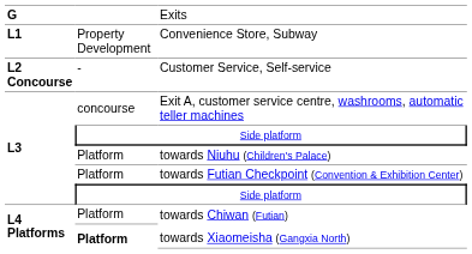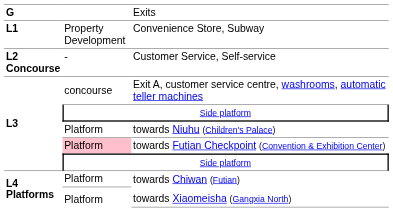 <table table border=0 cellspacing=0 cellpadding=3>
 <tr>
 <td style="border-top:solid 1px gray;" width=50 valign=top><strong>G</strong></td>
 <td style="border-top:solid 1px gray;" width=100 valign=top></td>
 <td style="border-top:solid 1px gray;" width=390 valign=top>Exits</td>
 </tr>
 <tr>
 <td style="border-bottom:solid 1px gray; border-top:solid 1px gray;" valign=top width=50><strong>L1</strong></td>
 <td style="border-bottom:solid 1px gray; border-top:solid 1px gray;" valign=top width=100>Property Development</td>
 <td style="border-bottom:solid 1px gray; border-top:solid 1px gray;" valign=top width=390>Convenience Store, Subway</td>
 </tr>
 <tr>
 <td style="border-bottom:solid 1px gray;" width=50 valign=top><strong>L2<br>Concourse</strong></td>
 <td style="border-bottom:solid 1px gray;" width=100 valign=top>-</td>
 <td style="border-bottom:solid 1px gray;" width=390 valign=top>Customer Service, Self-service</td>
 </tr>
 <tr>
 <td rowspan="6" style="border-bottom:solid 1px gray;"><strong>L3</strong></td>
 </tr>
 <tr>
 <td style="border-bottom:solid 1px gray;">concourse</td>
 <td style="border-bottom:solid 1px gray;">Exit A, customer service centre, <a href='#'>washrooms</a>, <a href='#'>automatic teller machines</a></td>
 </tr>
 <tr>
 <td style="border-right:solid 2px black;border-left:solid 2px black;border-bottom:solid 2px black;text-align:center;" colspan=2><small><a href='#'>Side platform</a></small></td>
 </tr>
 <tr>
 <td style="border-bottom:solid 1px gray;">Platform </td>
 <td style="border-bottom:solid 1px gray;">  towards <a href='#'>Niuhu</a> <small>(<a href='#'>Children's Palace</a>)</small></td>
 </tr>
 <tr>
-<td>Platform </td>
+<td style="background: pink;">Platform </td>
 <td>  towards <a href='#'>Futian Checkpoint</a> <small>(<a href='#'>Convention & Exhibition Center</a>)</small></td>
 </tr>
 <tr>
 <td style="border-top:solid 2px black;border-right:solid 2px black;border-left:solid 2px black;border-bottom:solid 1px gray;text-align:center;" colspan=2><small><a href='#'>Side platform</a></small></td>
 </tr>
 <tr>
 <td rowspan="3"><strong>L4<br>Platforms</strong></td>
 <td valign="top" style="border-bottom:solid 1px gray;">Platform</td>
 <td>  towards <a href='#'>Chiwan</a> <small>(<a href='#'>Futian</a>)</small></td>
 </tr>
 <tr>
 <td colspan="2"></td>
 </tr>
 <tr>
-<td><strong>Platform</strong></td>
+<td>Platform</td>
 <td style="border-bottom:solid 1px gray;"> towards <a href='#'>Xiaomeisha</a> <small>(<a href='#'>Gangxia North</a>)</small> <span></span></td>
 </tr>
 <tr>
 </tr>
 </table>
